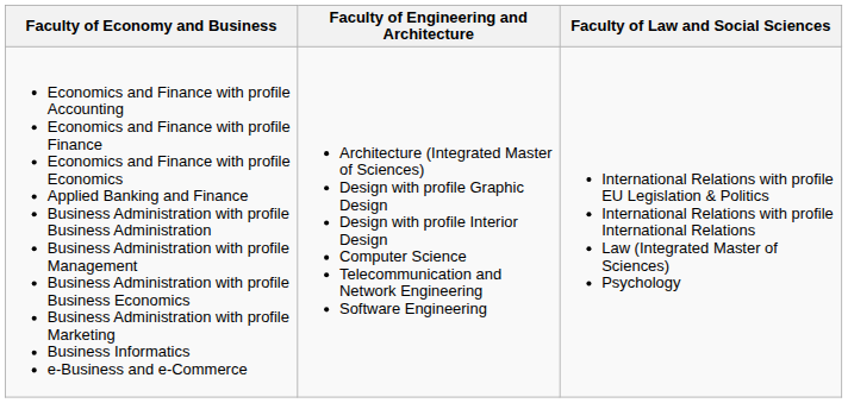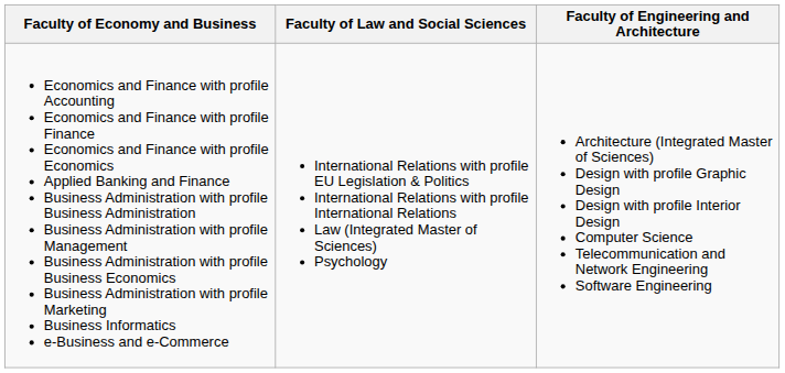 <table class="wikitable">
 <tr>
 <th>Faculty of Economy and Business</th>
+<th>Faculty of Law and Social Sciences</th>
 <th>Faculty of Engineering and  Architecture</th>
-<th>Faculty of Law and Social Sciences</th>
 </tr>
 <tr>
 <td><br><ul><li>Economics and Finance with profile Accounting</li><li>Economics and Finance with profile Finance</li><li>Economics and Finance with profile Economics</li><li>Applied Banking and Finance</li><li>Business Administration with profile Business Administration</li><li>Business Administration with profile Management</li><li>Business Administration with profile Business Economics</li><li>Business Administration with profile Marketing</li><li>Business Informatics</li><li>e-Business and e-Commerce</li></ul></td>
+<td><br><ul><li>International  Relations with profile EU Legislation & Politics</li><li>International  Relations with profile International Relations</li><li>Law (Integrated Master of Sciences)</li><li>Psychology</li></ul></td>
 <td><br><ul><li>Architecture (Integrated Master of  Sciences)</li><li>Design with profile Graphic Design</li><li>Design with profile Interior Design</li><li>Computer Science</li><li>Telecommunication and Network  Engineering</li><li>Software Engineering</li></ul></td>
-<td><br><ul><li>International  Relations with profile EU Legislation & Politics</li><li>International  Relations with profile International Relations</li><li>Law (Integrated Master of Sciences)</li><li>Psychology</li></ul></td>
 </tr>
 </table>
